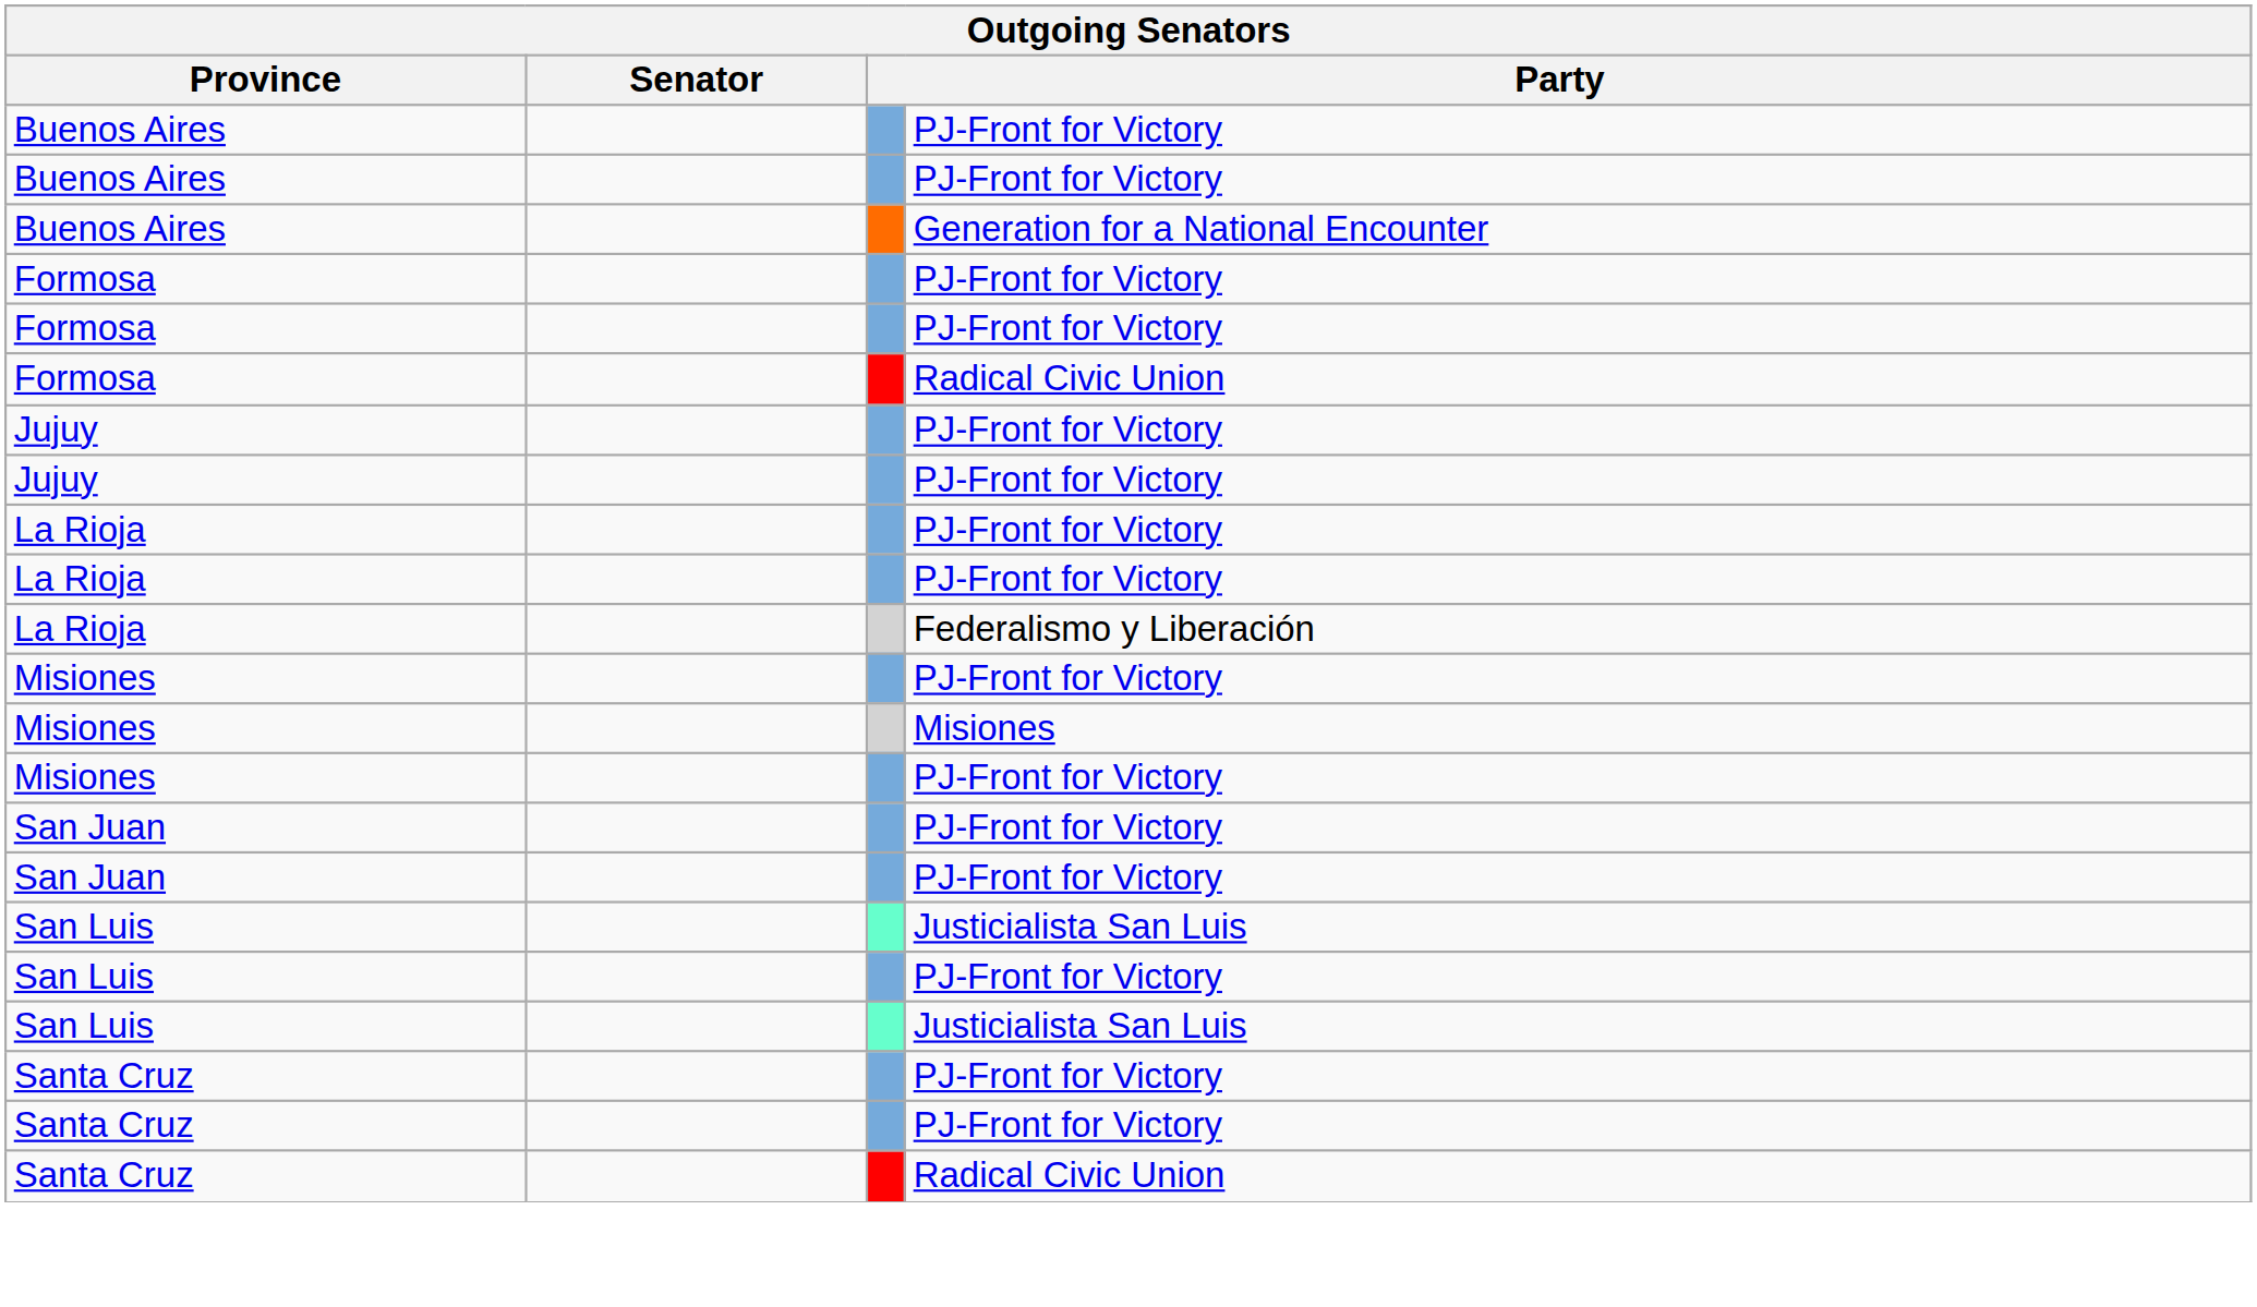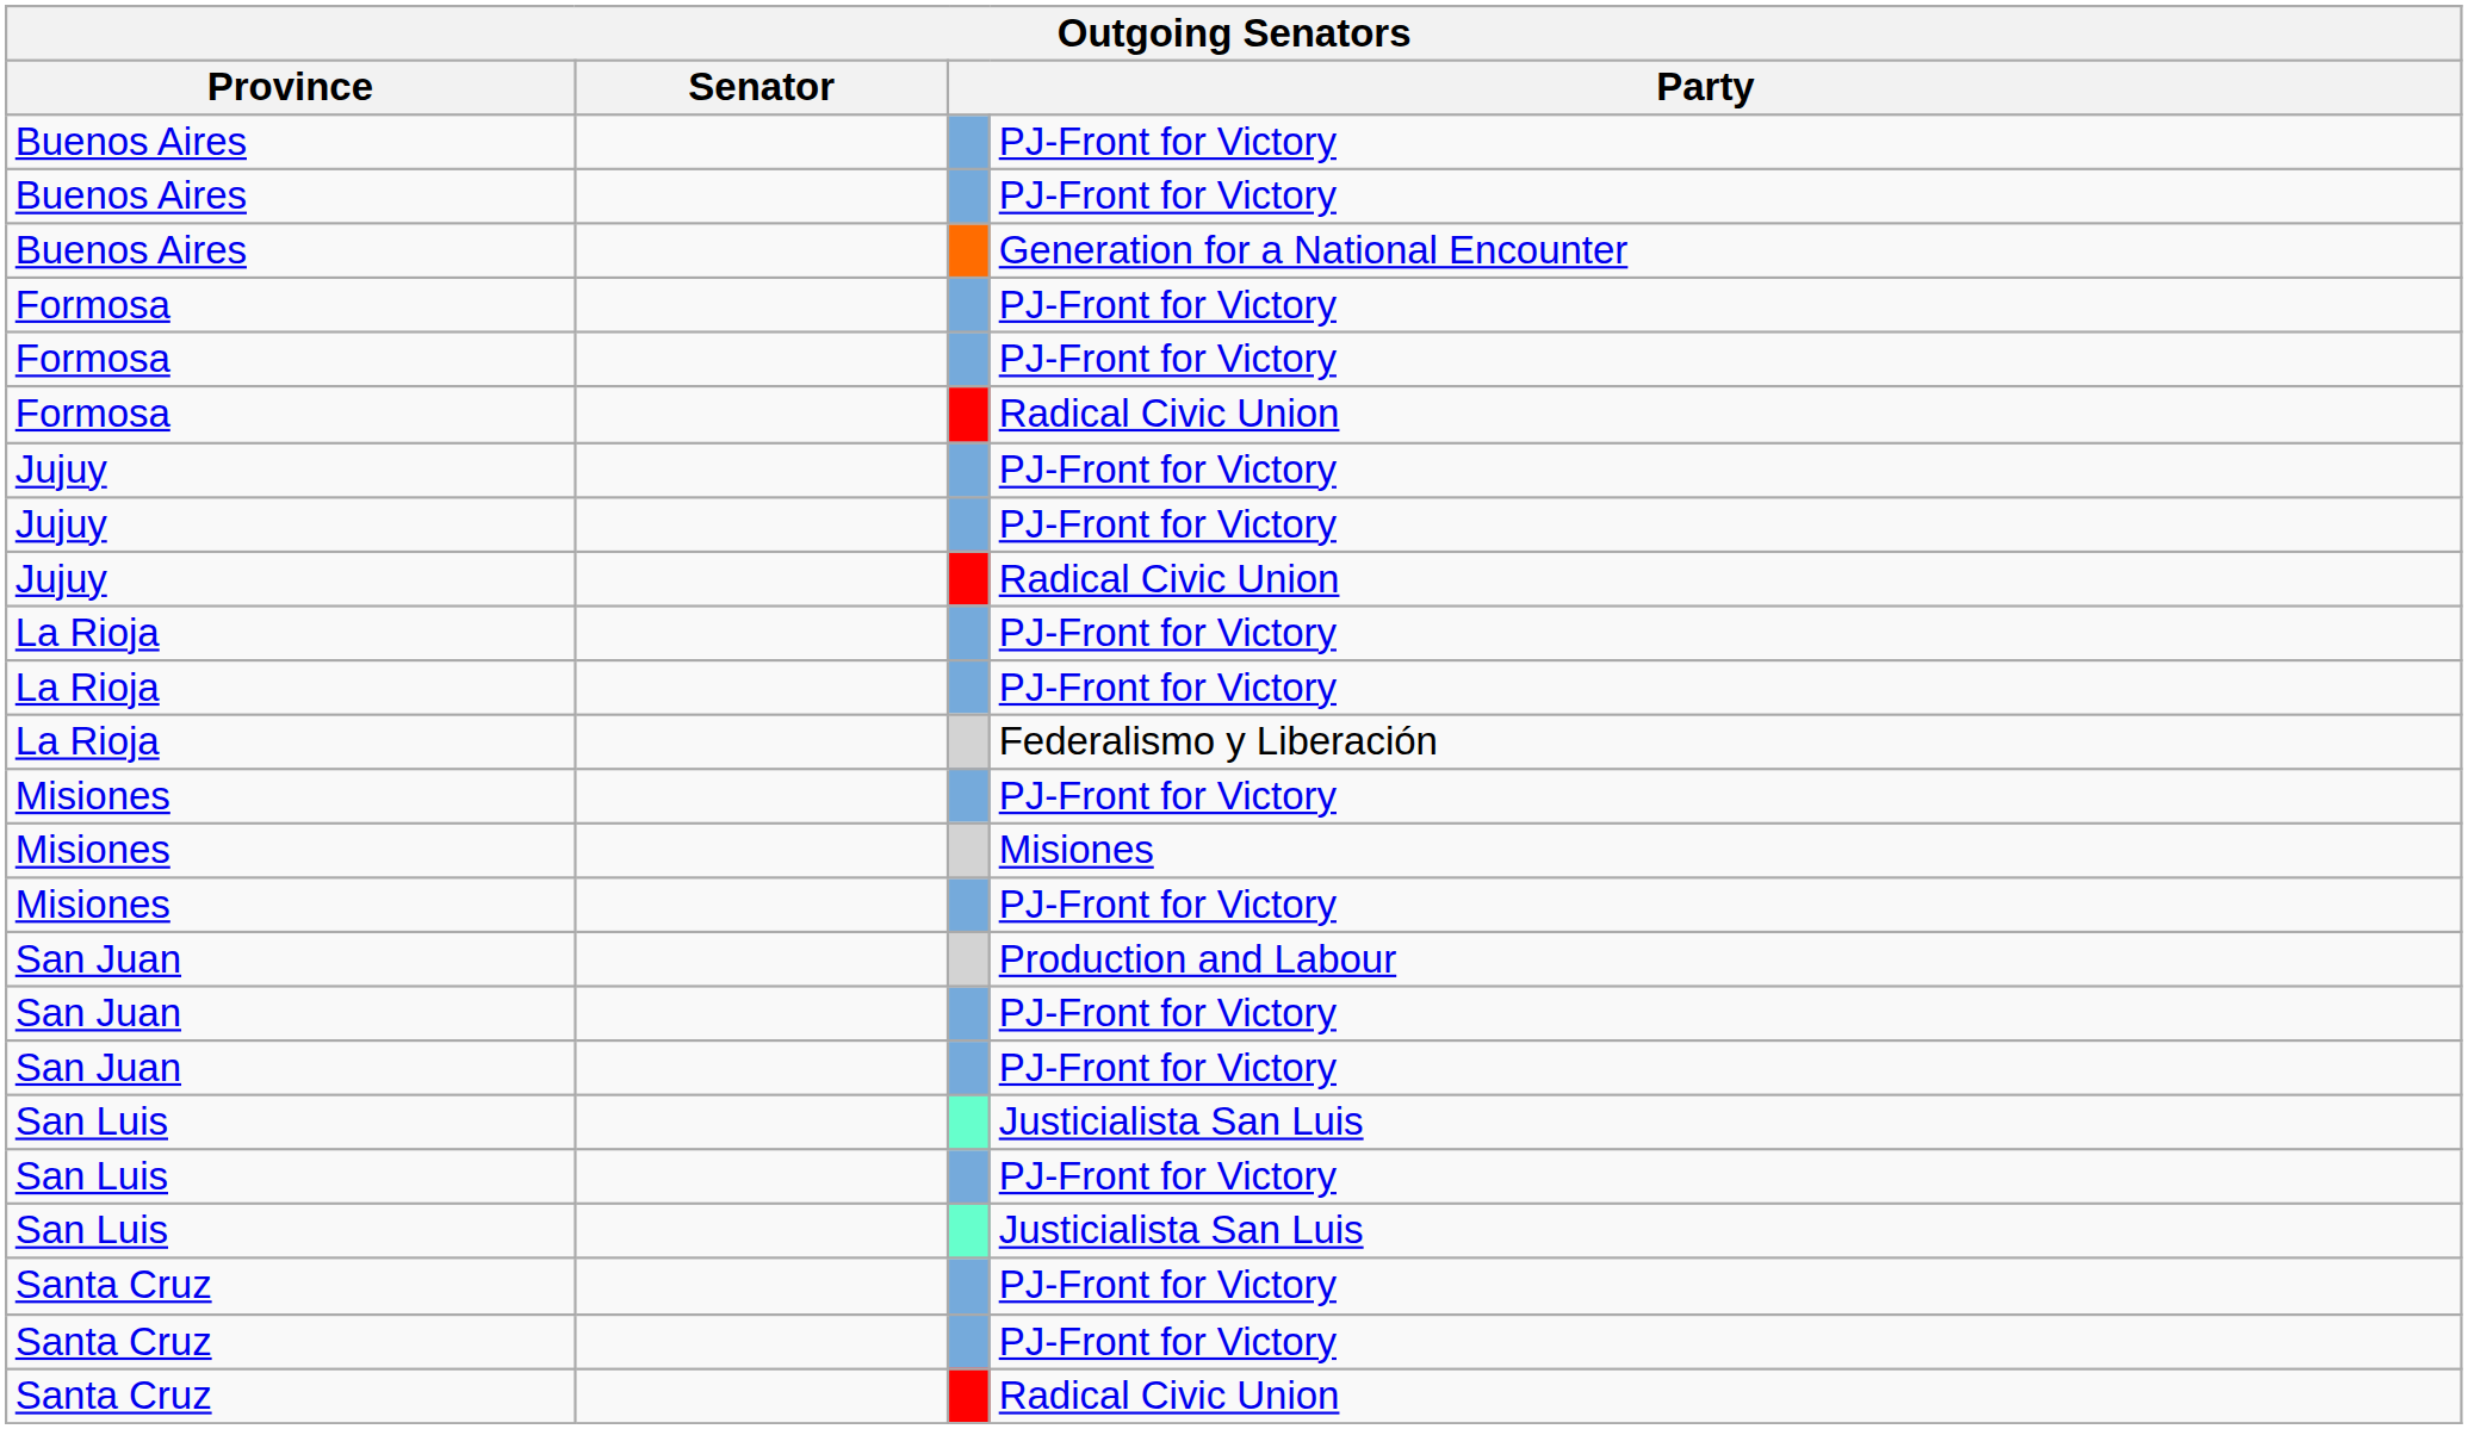 <table class="sortable wikitable collapsible collapsed" width=60% style="font-size:95%;line-height:14px;">
 <tr>
 <th width=60% colspan=4>Outgoing Senators</th>
 </tr>
 <tr>
 <th>Province</th>
 <th>Senator</th>
 <th colspan=2>Party</th>
 </tr>
 <tr>
 <td><a href='#'>Buenos Aires</a></td>
 <td></td>
 <td bgcolor=#75AADB width=1%></td>
 <td><a href='#'>PJ-Front for Victory</a></td>
 </tr>
 <tr>
 <td><a href='#'>Buenos Aires</a></td>
 <td></td>
 <td bgcolor=#75AADB></td>
 <td><a href='#'>PJ-Front for Victory</a></td>
 </tr>
 <tr>
 <td><a href='#'>Buenos Aires</a></td>
 <td></td>
 <td bgcolor=#ff6c00></td>
 <td><a href='#'>Generation for a National Encounter</a></td>
 </tr>
 <tr>
 <td><a href='#'>Formosa</a></td>
 <td></td>
 <td bgcolor=#75AADB></td>
 <td><a href='#'>PJ-Front for Victory</a></td>
 </tr>
 <tr>
 <td><a href='#'>Formosa</a></td>
 <td></td>
 <td bgcolor=#75AADB></td>
 <td><a href='#'>PJ-Front for Victory</a></td>
 </tr>
 <tr>
 <td><a href='#'>Formosa</a></td>
 <td></td>
 <td style="background-color: red"></td>
 <td><a href='#'>Radical Civic Union</a></td>
 </tr>
 <tr>
 <td><a href='#'>Jujuy</a></td>
 <td></td>
 <td bgcolor=#75AADB></td>
 <td><a href='#'>PJ-Front for Victory</a></td>
 </tr>
 <tr>
 <td><a href='#'>Jujuy</a></td>
 <td></td>
 <td bgcolor=#75AADB></td>
 <td><a href='#'>PJ-Front for Victory</a></td>
 </tr>
 <tr>
+<td><a href='#'>Jujuy</a></td>
+<td></td>
+<td style="background-color: red"></td>
+<td><a href='#'>Radical Civic Union</a></td>
+</tr>
+<tr>
 <td><a href='#'>La Rioja</a></td>
 <td></td>
 <td bgcolor=#75AADB></td>
 <td><a href='#'>PJ-Front for Victory</a></td>
 </tr>
 <tr>
 <td><a href='#'>La Rioja</a></td>
 <td></td>
 <td bgcolor=#75AADB></td>
 <td><a href='#'>PJ-Front for Victory</a></td>
 </tr>
 <tr>
 <td><a href='#'>La Rioja</a></td>
 <td></td>
 <td style="background-color: lightgray"></td>
 <td>Federalismo y Liberación</td>
 </tr>
 <tr>
 <td><a href='#'>Misiones</a></td>
 <td></td>
 <td bgcolor=#75AADB></td>
 <td><a href='#'>PJ-Front for Victory</a></td>
 </tr>
 <tr>
 <td><a href='#'>Misiones</a></td>
 <td></td>
 <td style="background-color: lightgray"></td>
 <td><a href='#'>Misiones</a></td>
 </tr>
 <tr>
 <td><a href='#'>Misiones</a></td>
 <td></td>
 <td bgcolor=#75AADB></td>
 <td><a href='#'>PJ-Front for Victory</a></td>
+</tr>
+<tr>
+<td><a href='#'>San Juan</a></td>
+<td></td>
+<td style="background-color: lightgray"></td>
+<td><a href='#'>Production and Labour</a></td>
 </tr>
 <tr>
 <td><a href='#'>San Juan</a></td>
 <td></td>
 <td bgcolor=#75AADB></td>
 <td><a href='#'>PJ-Front for Victory</a></td>
 </tr>
 <tr>
 <td><a href='#'>San Juan</a></td>
 <td></td>
 <td bgcolor=#75AADB></td>
 <td><a href='#'>PJ-Front for Victory</a></td>
 </tr>
 <tr>
 <td><a href='#'>San Luis</a></td>
 <td></td>
 <td bgcolor=#66FFCC></td>
 <td><a href='#'>Justicialista San Luis</a></td>
 </tr>
 <tr>
 <td><a href='#'>San Luis</a></td>
 <td></td>
 <td bgcolor=#75AADB></td>
 <td><a href='#'>PJ-Front for Victory</a></td>
 </tr>
 <tr>
 <td><a href='#'>San Luis</a></td>
 <td></td>
 <td bgcolor=#66FFCC></td>
 <td><a href='#'>Justicialista San Luis</a></td>
 </tr>
 <tr>
 <td><a href='#'>Santa Cruz</a></td>
 <td></td>
 <td bgcolor=#75AADB></td>
 <td><a href='#'>PJ-Front for Victory</a></td>
 </tr>
 <tr>
 <td><a href='#'>Santa Cruz</a></td>
 <td></td>
 <td bgcolor=#75AADB></td>
 <td><a href='#'>PJ-Front for Victory</a></td>
 </tr>
 <tr>
 <td><a href='#'>Santa Cruz</a></td>
 <td></td>
 <td style="background-color: red"></td>
 <td><a href='#'>Radical Civic Union</a></td>
 </tr>
 </table>
